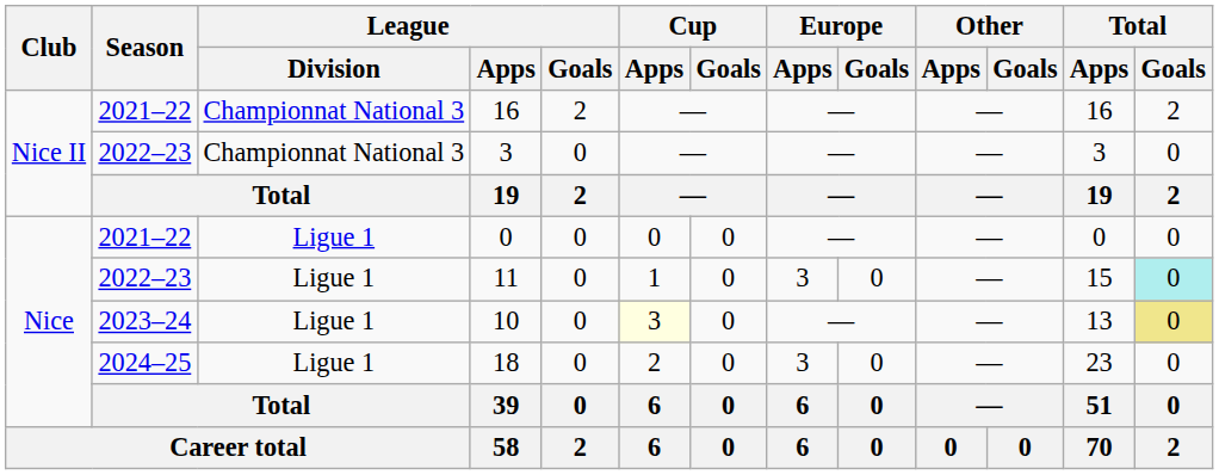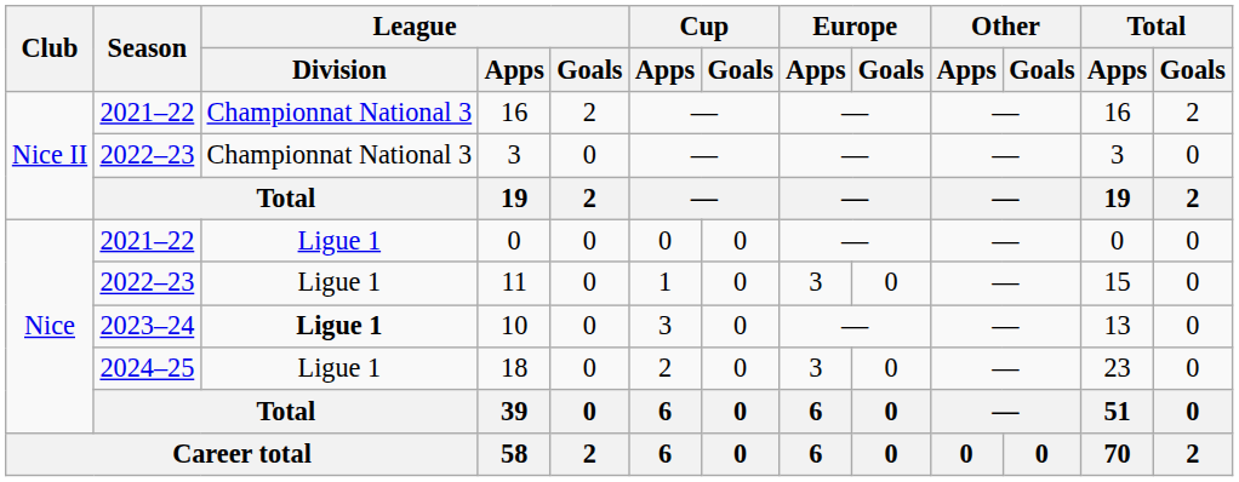 <table class="wikitable" style="text-align: center;">
 <tr>
 <th rowspan="2">Club</th>
 <th rowspan="2">Season</th>
 <th colspan="3">League</th>
 <th colspan="2">Cup</th>
 <th colspan="2">Europe</th>
 <th colspan="2">Other</th>
 <th colspan="2">Total</th>
 </tr>
 <tr>
 <th>Division</th>
 <th>Apps</th>
 <th>Goals</th>
 <th>Apps</th>
 <th>Goals</th>
 <th>Apps</th>
 <th>Goals</th>
 <th>Apps</th>
 <th>Goals</th>
 <th>Apps</th>
 <th>Goals</th>
 </tr>
 <tr>
 <td rowspan="3"><a href='#'>Nice II</a></td>
 <td><a href='#'>2021–22</a></td>
 <td><a href='#'>Championnat National 3</a></td>
 <td>16</td>
 <td>2</td>
 <td colspan="2">—</td>
 <td colspan="2">—</td>
 <td colspan="2">—</td>
 <td>16</td>
 <td>2</td>
 </tr>
 <tr>
 <td><a href='#'>2022–23</a></td>
 <td>Championnat National 3</td>
 <td>3</td>
 <td>0</td>
 <td colspan="2">—</td>
 <td colspan="2">—</td>
 <td colspan="2">—</td>
 <td>3</td>
 <td>0</td>
 </tr>
 <tr>
 <th colspan="2">Total</th>
 <th>19</th>
 <th>2</th>
 <th colspan="2">—</th>
 <th colspan="2">—</th>
 <th colspan="2">—</th>
 <th>19</th>
 <th>2</th>
 </tr>
 <tr>
 <td rowspan="5"><a href='#'>Nice</a></td>
 <td><a href='#'>2021–22</a></td>
 <td><a href='#'>Ligue 1</a></td>
 <td>0</td>
 <td>0</td>
 <td>0</td>
 <td>0</td>
 <td colspan="2">—</td>
 <td colspan="2">—</td>
 <td>0</td>
 <td>0</td>
 </tr>
 <tr>
 <td><a href='#'>2022–23</a></td>
 <td>Ligue 1</td>
 <td>11</td>
 <td>0</td>
 <td>1</td>
 <td>0</td>
 <td>3</td>
 <td>0</td>
 <td colspan="2">—</td>
 <td>15</td>
-<td style="background: paleturquoise;">0</td>
+<td>0</td>
 </tr>
 <tr>
 <td><a href='#'>2023–24</a></td>
-<td>Ligue 1</td>
+<td><strong>Ligue 1</strong></td>
 <td>10</td>
 <td>0</td>
-<td style="background: lightyellow;">3</td>
+<td>3</td>
 <td>0</td>
 <td colspan="2">—</td>
 <td colspan="2">—</td>
 <td>13</td>
-<td style="background: khaki;">0</td>
+<td>0</td>
 </tr>
 <tr>
 <td><a href='#'>2024–25</a></td>
 <td>Ligue 1</td>
 <td>18</td>
 <td>0</td>
 <td>2</td>
 <td>0</td>
 <td>3</td>
 <td>0</td>
 <td colspan="2">—</td>
 <td>23</td>
 <td>0</td>
 </tr>
 <tr>
 <th colspan="2">Total</th>
 <th>39</th>
 <th>0</th>
 <th>6</th>
 <th>0</th>
 <th>6</th>
 <th>0</th>
 <th colspan="2">—</th>
 <th>51</th>
 <th>0</th>
 </tr>
 <tr>
 <th colspan="3">Career total</th>
 <th>58</th>
 <th>2</th>
 <th>6</th>
 <th>0</th>
 <th>6</th>
 <th>0</th>
 <th>0</th>
 <th>0</th>
 <th>70</th>
 <th>2</th>
 </tr>
 </table>
